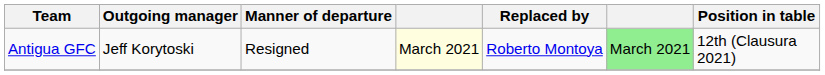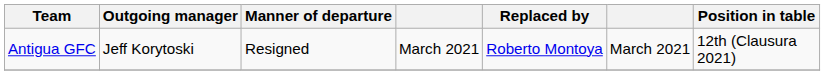 <table class="wikitable">
 <tr>
 <th>Team</th>
 <th>Outgoing manager</th>
 <th>Manner of departure</th>
 <th></th>
 <th>Replaced by</th>
 <th></th>
 <th width=125px>Position in table</th>
 </tr>
 <tr>
 <td><a href='#'>Antigua GFC</a></td>
 <td> Jeff Korytoski</td>
 <td>Resigned</td>
-<td style="background: lightyellow;">March 2021</td>
+<td>March 2021</td>
 <td> <a href='#'>Roberto Montoya</a></td>
-<td style="background: lightgreen;">March 2021</td>
+<td>March 2021</td>
 <td>12th (Clausura 2021)</td>
 </tr>
 <tr>
 </tr>
 </table>
